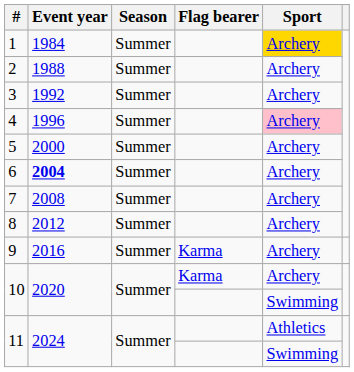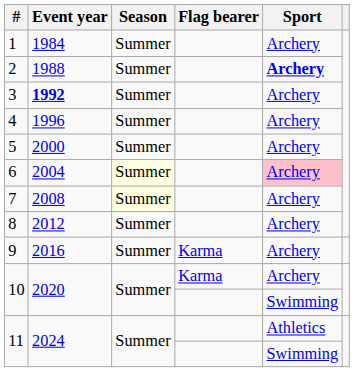 <table class="wikitable sortable">
 <tr>
 <th>#</th>
 <th>Event year</th>
 <th>Season</th>
 <th>Flag bearer</th>
 <th>Sport</th>
 <th></th>
 </tr>
 <tr>
 <td>1</td>
 <td><a href='#'>1984</a></td>
 <td>Summer</td>
 <td></td>
-<td style="background: gold;"><a href='#'>Archery</a></td>
+<td><a href='#'>Archery</a></td>
 <td rowspan=8></td>
 </tr>
 <tr>
 <td>2</td>
 <td><a href='#'>1988</a></td>
 <td>Summer</td>
 <td></td>
-<td><a href='#'>Archery</a></td>
+<td><strong><a href='#'>Archery</a></strong></td>
 </tr>
 <tr>
 <td>3</td>
-<td><a href='#'>1992</a></td>
+<td><strong><a href='#'>1992</a></strong></td>
 <td>Summer</td>
 <td></td>
 <td><a href='#'>Archery</a></td>
 </tr>
 <tr>
 <td>4</td>
 <td><a href='#'>1996</a></td>
 <td>Summer</td>
 <td></td>
-<td style="background: pink;"><a href='#'>Archery</a></td>
+<td><a href='#'>Archery</a></td>
 </tr>
 <tr>
 <td>5</td>
 <td><a href='#'>2000</a></td>
 <td>Summer</td>
 <td></td>
 <td><a href='#'>Archery</a></td>
 </tr>
 <tr>
 <td>6</td>
-<td><strong><a href='#'>2004</a></strong></td>
-<td>Summer</td>
+<td><a href='#'>2004</a></td>
+<td style="background: lightyellow;">Summer</td>
 <td></td>
-<td><a href='#'>Archery</a></td>
+<td style="background: pink;"><a href='#'>Archery</a></td>
 </tr>
 <tr>
 <td>7</td>
 <td><a href='#'>2008</a></td>
-<td>Summer</td>
+<td style="background: lightyellow;">Summer</td>
 <td></td>
 <td><a href='#'>Archery</a></td>
 </tr>
 <tr>
 <td>8</td>
 <td><a href='#'>2012</a></td>
 <td>Summer</td>
 <td></td>
 <td><a href='#'>Archery</a></td>
 </tr>
 <tr>
 <td>9</td>
 <td><a href='#'>2016</a></td>
 <td>Summer</td>
 <td><a href='#'>Karma</a></td>
 <td><a href='#'>Archery</a></td>
 <td></td>
 </tr>
 <tr>
 <td rowspan=2>10</td>
 <td rowspan=2><a href='#'>2020</a></td>
 <td rowspan=2>Summer</td>
 <td><a href='#'>Karma</a></td>
 <td><a href='#'>Archery</a></td>
 <td rowspan=2></td>
 </tr>
 <tr>
 <td></td>
 <td><a href='#'>Swimming</a></td>
 </tr>
 <tr>
 <td rowspan=2>11</td>
 <td rowspan=2><a href='#'>2024</a></td>
 <td rowspan=2>Summer</td>
 <td></td>
 <td><a href='#'>Athletics</a></td>
 <td rowspan=2></td>
 </tr>
 <tr>
 <td></td>
 <td><a href='#'>Swimming</a></td>
 </tr>
 </table>
